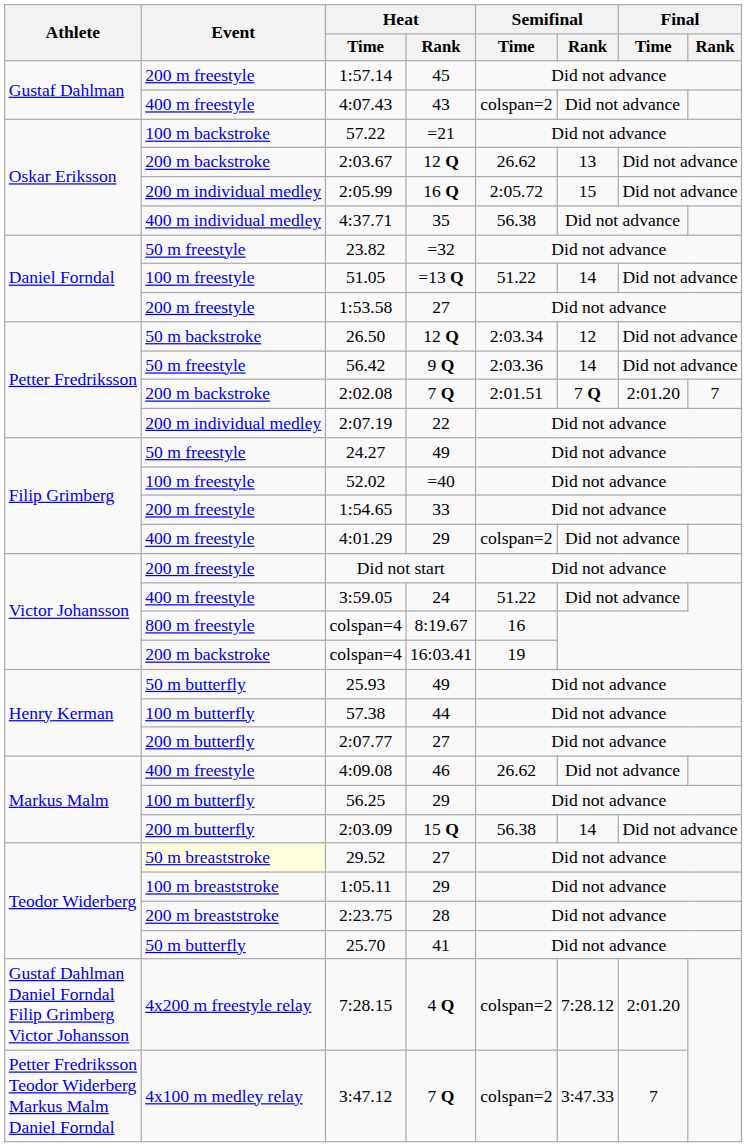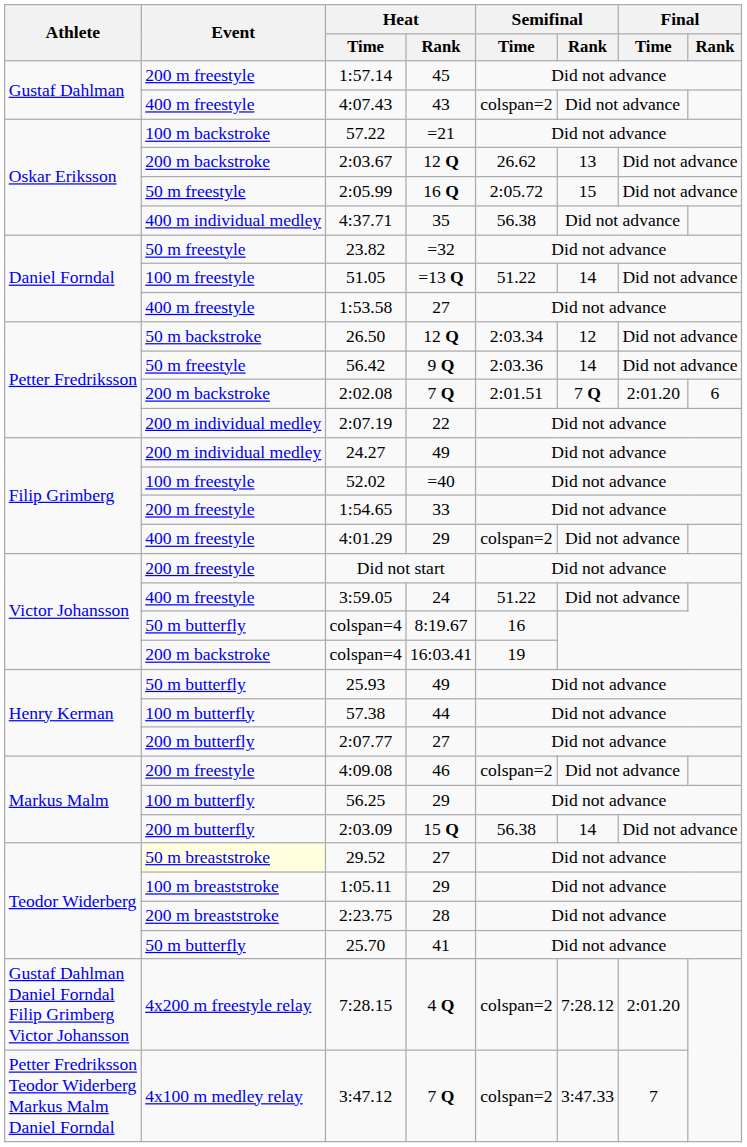 <table class=wikitable style="font-size:90%">
 <tr>
 <th rowspan="2">Athlete</th>
 <th rowspan="2">Event</th>
 <th colspan="2">Heat</th>
 <th colspan="2">Semifinal</th>
 <th colspan="2">Final</th>
 </tr>
 <tr style="font-size:95%">
 <th>Time</th>
 <th>Rank</th>
 <th>Time</th>
 <th>Rank</th>
 <th>Time</th>
 <th>Rank</th>
 </tr>
 <tr align=center>
 <td align=left rowspan=2><a href='#'>Gustaf Dahlman</a></td>
 <td align=left><a href='#'>200 m freestyle</a></td>
 <td>1:57.14</td>
 <td>45</td>
 <td colspan=4>Did not advance</td>
 </tr>
 <tr align=center>
 <td align=left><a href='#'>400 m freestyle</a></td>
 <td>4:07.43</td>
 <td>43</td>
 <td>colspan=2 </td>
 <td colspan=2>Did not advance</td>
 </tr>
 <tr align=center>
 <td align=left rowspan=4><a href='#'>Oskar Eriksson</a></td>
 <td align=left><a href='#'>100 m backstroke</a></td>
 <td>57.22</td>
 <td>=21</td>
 <td colspan=4>Did not advance</td>
 </tr>
 <tr align=center>
 <td align=left><a href='#'>200 m backstroke</a></td>
 <td>2:03.67</td>
 <td>12 <strong>Q</strong></td>
 <td>26.62</td>
 <td>13</td>
 <td colspan=2>Did not advance</td>
 </tr>
 <tr align=center>
-<td align=left><a href='#'>200 m individual medley</a></td>
+<td align=left><a href='#'>50 m freestyle</a></td>
 <td>2:05.99</td>
 <td>16 <strong>Q</strong></td>
 <td>2:05.72</td>
 <td>15</td>
 <td colspan=2>Did not advance</td>
 </tr>
 <tr align=center>
 <td align=left><a href='#'>400 m individual medley</a></td>
 <td>4:37.71</td>
 <td>35</td>
 <td>56.38</td>
 <td colspan=2>Did not advance</td>
 </tr>
 <tr align=center>
 <td align=left rowspan=3><a href='#'>Daniel Forndal</a></td>
 <td align=left><a href='#'>50 m freestyle</a></td>
 <td>23.82</td>
 <td>=32</td>
 <td colspan=4>Did not advance</td>
 </tr>
 <tr align=center>
 <td align=left><a href='#'>100 m freestyle</a></td>
 <td>51.05</td>
 <td>=13 <strong>Q</strong></td>
 <td>51.22</td>
 <td>14</td>
 <td colspan=2>Did not advance</td>
 </tr>
 <tr align=center>
-<td align=left><a href='#'>200 m freestyle</a></td>
+<td align=left><a href='#'>400 m freestyle</a></td>
 <td>1:53.58</td>
 <td>27</td>
 <td colspan=4>Did not advance</td>
 </tr>
 <tr align=center>
 <td align=left rowspan=4><a href='#'>Petter Fredriksson</a></td>
 <td align=left><a href='#'>50 m backstroke</a></td>
 <td>26.50</td>
 <td>12 <strong>Q</strong></td>
 <td>2:03.34</td>
 <td>12</td>
 <td colspan=2>Did not advance</td>
 </tr>
 <tr align=center>
 <td align=left><a href='#'>50 m freestyle</a></td>
 <td>56.42</td>
 <td>9 <strong>Q</strong></td>
 <td>2:03.36</td>
 <td>14</td>
 <td colspan=2>Did not advance</td>
 </tr>
 <tr align=center>
 <td align=left><a href='#'>200 m backstroke</a></td>
 <td>2:02.08</td>
 <td>7 <strong>Q</strong></td>
 <td>2:01.51</td>
 <td>7 <strong>Q</strong></td>
 <td>2:01.20</td>
-<td>7</td>
+<td>6</td>
 </tr>
 <tr align=center>
 <td align=left><a href='#'>200 m individual medley</a></td>
 <td>2:07.19</td>
 <td>22</td>
 <td colspan=4>Did not advance</td>
 </tr>
 <tr align=center>
 <td align=left rowspan=4><a href='#'>Filip Grimberg</a></td>
-<td align=left><a href='#'>50 m freestyle</a></td>
+<td align=left><a href='#'>200 m individual medley</a></td>
 <td>24.27</td>
 <td>49</td>
 <td colspan=4>Did not advance</td>
 </tr>
 <tr align=center>
 <td align=left><a href='#'>100 m freestyle</a></td>
 <td>52.02</td>
 <td>=40</td>
 <td colspan=4>Did not advance</td>
 </tr>
 <tr align=center>
 <td align=left><a href='#'>200 m freestyle</a></td>
 <td>1:54.65</td>
 <td>33</td>
 <td colspan=4>Did not advance</td>
 </tr>
 <tr align=center>
 <td align=left><a href='#'>400 m freestyle</a></td>
 <td>4:01.29</td>
 <td>29</td>
 <td>colspan=2 </td>
 <td colspan=2>Did not advance</td>
 </tr>
 <tr align=center>
 <td align=left rowspan=4><a href='#'>Victor Johansson</a></td>
 <td align=left><a href='#'>200 m freestyle</a></td>
 <td colspan=2>Did not start</td>
 <td colspan=4>Did not advance</td>
 </tr>
 <tr align=center>
 <td align=left><a href='#'>400 m freestyle</a></td>
 <td>3:59.05</td>
 <td>24</td>
 <td>51.22</td>
 <td colspan=2>Did not advance</td>
 </tr>
 <tr align=center>
-<td align=left><a href='#'>800 m freestyle</a></td>
+<td align=left><a href='#'>50 m butterfly</a></td>
 <td>colspan=4 </td>
 <td>8:19.67</td>
 <td>16</td>
 </tr>
 <tr align=center>
 <td align=left><a href='#'>200 m backstroke</a></td>
 <td>colspan=4 </td>
 <td>16:03.41</td>
 <td>19</td>
 </tr>
 <tr align=center>
 <td align=left rowspan=3><a href='#'>Henry Kerman</a></td>
 <td align=left><a href='#'>50 m butterfly</a></td>
 <td>25.93</td>
 <td>49</td>
 <td colspan=4>Did not advance</td>
 </tr>
 <tr align=center>
 <td align=left><a href='#'>100 m butterfly</a></td>
 <td>57.38</td>
 <td>44</td>
 <td colspan=4>Did not advance</td>
 </tr>
 <tr align=center>
 <td align=left><a href='#'>200 m butterfly</a></td>
 <td>2:07.77</td>
 <td>27</td>
 <td colspan=4>Did not advance</td>
 </tr>
 <tr align=center>
 <td align=left rowspan=3><a href='#'>Markus Malm</a></td>
-<td align=left><a href='#'>400 m freestyle</a></td>
+<td align=left><a href='#'>200 m freestyle</a></td>
 <td>4:09.08</td>
 <td>46</td>
-<td>26.62</td>
+<td>colspan=2 </td>
 <td colspan=2>Did not advance</td>
 </tr>
 <tr align=center>
 <td align=left><a href='#'>100 m butterfly</a></td>
 <td>56.25</td>
 <td>29</td>
 <td colspan=4>Did not advance</td>
 </tr>
 <tr align=center>
 <td align=left><a href='#'>200 m butterfly</a></td>
 <td>2:03.09</td>
 <td>15 <strong>Q</strong></td>
 <td>56.38</td>
 <td>14</td>
 <td colspan=2>Did not advance</td>
 </tr>
 <tr align=center>
 <td align=left rowspan=4><a href='#'>Teodor Widerberg</a></td>
 <td align=left style="background: lightyellow;"><a href='#'>50 m breaststroke</a></td>
 <td>29.52</td>
 <td>27</td>
 <td colspan=4>Did not advance</td>
 </tr>
 <tr align=center>
 <td align=left><a href='#'>100 m breaststroke</a></td>
 <td>1:05.11</td>
 <td>29</td>
 <td colspan=4>Did not advance</td>
 </tr>
 <tr align=center>
 <td align=left><a href='#'>200 m breaststroke</a></td>
 <td>2:23.75</td>
 <td>28</td>
 <td colspan=4>Did not advance</td>
 </tr>
 <tr align=center>
 <td align=left><a href='#'>50 m butterfly</a></td>
 <td>25.70</td>
 <td>41</td>
 <td colspan=4>Did not advance</td>
 </tr>
 <tr align=center>
 <td align=left><a href='#'>Gustaf Dahlman</a><br><a href='#'>Daniel Forndal</a><br><a href='#'>Filip Grimberg</a><br><a href='#'>Victor Johansson</a></td>
 <td align=left><a href='#'>4x200 m freestyle relay</a></td>
 <td>7:28.15</td>
 <td>4 <strong>Q</strong></td>
 <td>colspan=2 </td>
 <td>7:28.12</td>
 <td>2:01.20</td>
 </tr>
 <tr align=center>
 <td align=left><a href='#'>Petter Fredriksson</a><br><a href='#'>Teodor Widerberg</a><br><a href='#'>Markus Malm</a><br><a href='#'>Daniel Forndal</a></td>
 <td align=left><a href='#'>4x100 m medley relay</a></td>
 <td>3:47.12</td>
 <td>7 <strong>Q</strong></td>
 <td>colspan=2 </td>
 <td>3:47.33</td>
 <td>7</td>
 </tr>
 </table>
